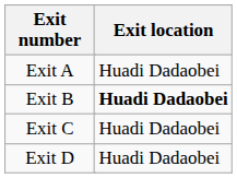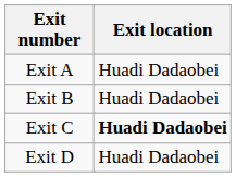 <table class="wikitable">
 <tr>
 <th style="width:70px" colspan="2">Exit number</th>
 <th>Exit location</th>
 </tr>
 <tr>
 <td align="center" colspan="2">Exit A</td>
 <td>Huadi Dadaobei</td>
 </tr>
 <tr>
 <td align="center" colspan="2">Exit B</td>
-<td><strong>Huadi Dadaobei</strong></td>
+<td>Huadi Dadaobei</td>
 </tr>
 <tr>
 <td align="center" colspan="2">Exit C</td>
-<td>Huadi Dadaobei</td>
+<td><strong>Huadi Dadaobei</strong></td>
 </tr>
 <tr>
 <td align="center" colspan="2">Exit D</td>
 <td>Huadi Dadaobei</td>
 </tr>
 </table>
